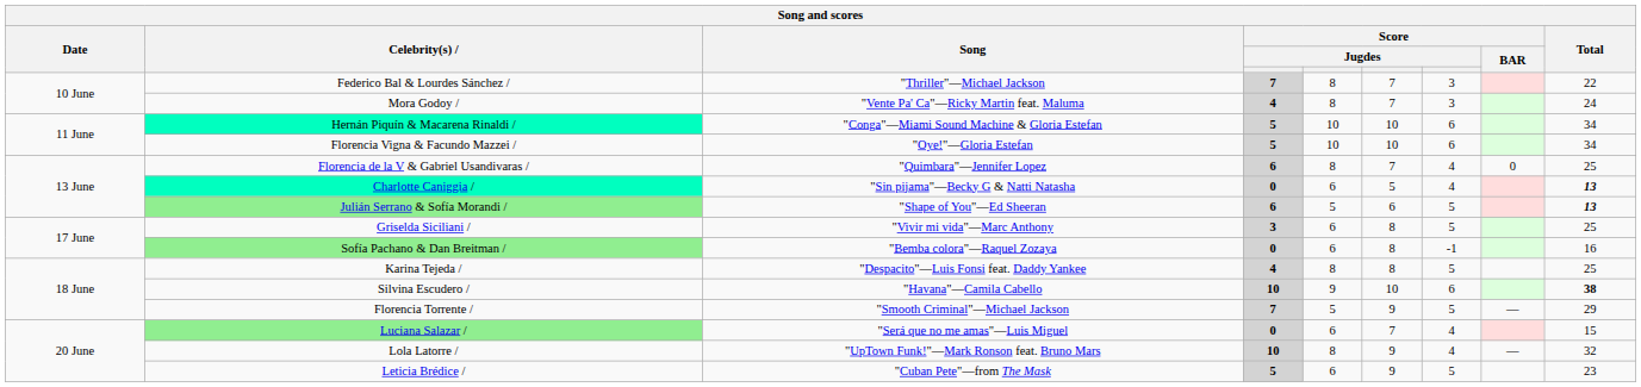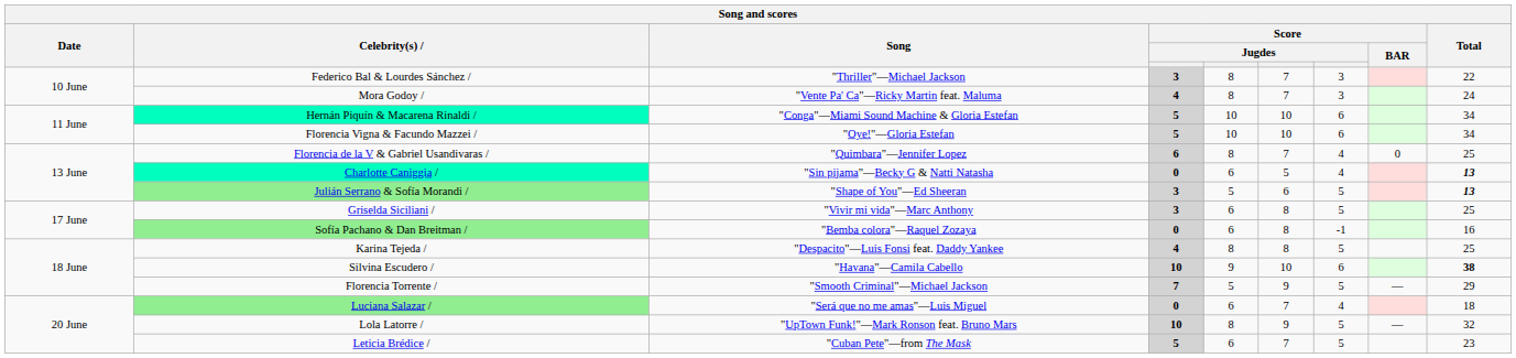 <table class="wikitable collapsible collapsed" style="font-size:95%; text-align: center; width: 100%;">
 <tr>
 <th colspan="11" style="with: 100%;" align=center>Song and scores</th>
 </tr>
 <tr>
 <th rowspan="3" width=80>Date</th>
 <th rowspan="3" width=340>Celebrity(s) / </th>
 <th rowspan="3" width=330>Song</th>
 <th colspan="5">Score</th>
 <th rowspan="3" width=50>Total</th>
 </tr>
 <tr>
 <th colspan="4">Jugdes</th>
 <th rowspan="2" width=30>BAR<br></th>
 </tr>
 <tr>
 <th width=30></th>
 <th width=30></th>
 <th width=30></th>
 <th width=30></th>
 </tr>
 <tr>
 <td rowspan="2">10 June</td>
 <td bgcolor="">Federico Bal & Lourdes Sánchez / </td>
 <td>"<a href='#'>Thriller</a>"—<a href='#'>Michael Jackson</a></td>
-<td bgcolor="lightgrey"><strong>7</strong></td>
+<td bgcolor="lightgrey"><strong>3</strong></td>
 <td>8</td>
 <td>7</td>
 <td>3</td>
 <td bgcolor="#ffdddd"></td>
 <td>22</td>
 </tr>
 <tr>
 <td bgcolor="">Mora Godoy / </td>
 <td>"<a href='#'>Vente Pa' Ca</a>"—<a href='#'>Ricky Martin</a> feat. <a href='#'>Maluma</a></td>
 <td bgcolor="lightgrey"><strong>4</strong></td>
 <td>8</td>
 <td>7</td>
 <td>3</td>
 <td bgcolor="#ddffdd"></td>
 <td>24</td>
 </tr>
 <tr>
 <td rowspan="2">11 June</td>
 <td bgcolor=#00FFBF>Hernán Piquín & Macarena Rinaldi / </td>
 <td>"<a href='#'>Conga</a>"—<a href='#'>Miami Sound Machine</a> & <a href='#'>Gloria Estefan</a></td>
 <td bgcolor="lightgrey"><strong>5</strong></td>
 <td>10</td>
 <td>10</td>
 <td>6</td>
 <td bgcolor="#ddffdd"></td>
 <td>34</td>
 </tr>
 <tr>
 <td bgcolor="">Florencia Vigna & Facundo Mazzei / </td>
 <td>"<a href='#'>Oye!</a>"—<a href='#'>Gloria Estefan</a></td>
 <td bgcolor="lightgrey"><strong>5</strong></td>
 <td>10</td>
 <td>10</td>
 <td>6</td>
 <td bgcolor="#ddffdd"></td>
 <td>34</td>
 </tr>
 <tr>
 <td rowspan="3">13 June</td>
 <td bgcolor=""><a href='#'>Florencia de la V</a> & Gabriel Usandivaras / </td>
 <td>"<a href='#'>Quimbara</a>"—<a href='#'>Jennifer Lopez</a></td>
 <td bgcolor="lightgrey"><strong>6</strong></td>
 <td>8</td>
 <td>7</td>
 <td>4</td>
 <td>0</td>
 <td>25</td>
 </tr>
 <tr>
 <td bgcolor=#00FFBF><a href='#'>Charlotte Caniggia</a> / </td>
 <td>"<a href='#'>Sin pijama</a>"—<a href='#'>Becky G</a> & <a href='#'>Natti Natasha</a></td>
 <td bgcolor="lightgrey"><strong>0</strong></td>
 <td>6</td>
 <td>5</td>
 <td>4</td>
 <td bgcolor="#ffdddd"></td>
 <td><span><strong><em>13</em></strong></span></td>
 </tr>
 <tr>
 <td bgcolor="lightgreen"><a href='#'>Julián Serrano</a> & Sofía Morandi / </td>
 <td>"<a href='#'>Shape of You</a>"—<a href='#'>Ed Sheeran</a></td>
-<td bgcolor="lightgrey"><strong>6</strong></td>
+<td bgcolor="lightgrey"><strong>3</strong></td>
 <td>5</td>
 <td>6</td>
 <td>5</td>
 <td bgcolor="#ffdddd"></td>
 <td><span><strong><em>13</em></strong></span></td>
 </tr>
 <tr>
 <td rowspan="2">17 June</td>
 <td bgcolor=""><a href='#'>Griselda Siciliani</a> / </td>
 <td>"<a href='#'>Vivir mi vida</a>"—<a href='#'>Marc Anthony</a></td>
 <td bgcolor="lightgrey"><strong>3</strong></td>
 <td>6</td>
 <td>8</td>
 <td>5</td>
 <td bgcolor="#ddffdd"></td>
 <td>25</td>
 </tr>
 <tr>
 <td bgcolor="lightgreen">Sofía Pachano & Dan Breitman / </td>
 <td>"<a href='#'>Bemba colora</a>"—<a href='#'>Raquel Zozaya</a></td>
 <td bgcolor="lightgrey"><strong>0</strong></td>
 <td>6</td>
 <td>8</td>
 <td>-1</td>
 <td bgcolor="#ddffdd"></td>
 <td>16</td>
 </tr>
 <tr>
 <td rowspan="3">18 June</td>
 <td bgcolor="">Karina Tejeda / </td>
 <td>"<a href='#'>Despacito</a>"—<a href='#'>Luis Fonsi</a> feat. <a href='#'>Daddy Yankee</a></td>
 <td bgcolor="lightgrey"><strong>4</strong></td>
 <td>8</td>
 <td>8</td>
 <td>5</td>
 <td></td>
 <td>25</td>
 </tr>
 <tr>
 <td bgcolor="">Silvina Escudero / </td>
 <td>"<a href='#'>Havana</a>"—<a href='#'>Camila Cabello</a></td>
 <td bgcolor="lightgrey"><strong>10</strong></td>
 <td>9</td>
 <td>10</td>
 <td>6</td>
 <td bgcolor="#ddffdd"></td>
 <td><span><strong>38</strong></span></td>
 </tr>
 <tr>
 <td bgcolor="">Florencia Torrente / </td>
 <td>"<a href='#'>Smooth Criminal</a>"—<a href='#'>Michael Jackson</a></td>
 <td bgcolor="lightgrey"><strong>7</strong></td>
 <td>5</td>
 <td>9</td>
 <td>5</td>
 <td>—</td>
 <td>29</td>
 </tr>
 <tr>
 <td rowspan="3">20 June</td>
 <td bgcolor="lightgreen"><a href='#'>Luciana Salazar</a> / </td>
 <td>"<a href='#'>Será que no me amas</a>"—<a href='#'>Luis Miguel</a></td>
 <td bgcolor="lightgrey"><strong>0</strong></td>
 <td>6</td>
 <td>7</td>
 <td>4</td>
 <td bgcolor="#ffdddd"></td>
-<td>15</td>
+<td>18</td>
 </tr>
 <tr>
 <td bgcolor="">Lola Latorre / </td>
 <td>"<a href='#'>UpTown Funk!</a>"—<a href='#'>Mark Ronson</a> feat. <a href='#'>Bruno Mars</a></td>
 <td bgcolor="lightgrey"><strong>10</strong></td>
 <td>8</td>
 <td>9</td>
-<td>4</td>
+<td>5</td>
 <td>—</td>
 <td>32</td>
 </tr>
 <tr>
 <td bgcolor=""><a href='#'>Leticia Brédice</a> / </td>
 <td>"<a href='#'>Cuban Pete</a>"—from <em><a href='#'>The Mask</a></em></td>
 <td bgcolor="lightgrey"><strong>5</strong></td>
 <td>6</td>
-<td>9</td>
+<td>7</td>
 <td>5</td>
 <td></td>
 <td>23</td>
 </tr>
 </table>
